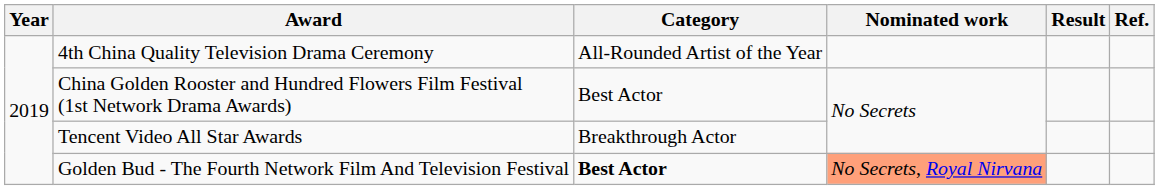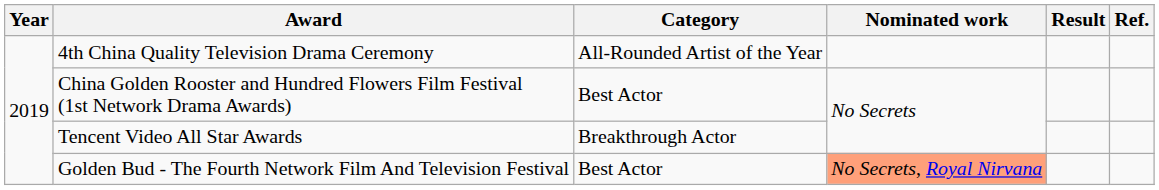 <table class="wikitable">
 <tr>
 <th>Year</th>
 <th>Award</th>
 <th>Category</th>
 <th>Nominated work</th>
 <th>Result</th>
 <th>Ref.</th>
 </tr>
 <tr>
 <td rowspan=4>2019</td>
 <td>4th China Quality Television Drama Ceremony</td>
 <td>All-Rounded Artist of the Year</td>
 <td></td>
 <td></td>
 <td></td>
 </tr>
 <tr>
 <td>China Golden Rooster and Hundred Flowers Film Festival <br> (1st Network Drama Awards)</td>
 <td>Best Actor</td>
 <td rowspan=2><em>No Secrets</em></td>
 <td></td>
 <td></td>
 </tr>
 <tr>
 <td>Tencent Video All Star Awards</td>
 <td>Breakthrough Actor</td>
 <td></td>
 <td></td>
 </tr>
 <tr>
 <td>Golden Bud - The Fourth Network Film And Television Festival</td>
-<td><strong>Best Actor</strong></td>
+<td>Best Actor</td>
 <td style="background: lightsalmon;"><em>No Secrets</em>, <em><a href='#'>Royal Nirvana</a></em></td>
 <td></td>
 <td></td>
 </tr>
 </table>
